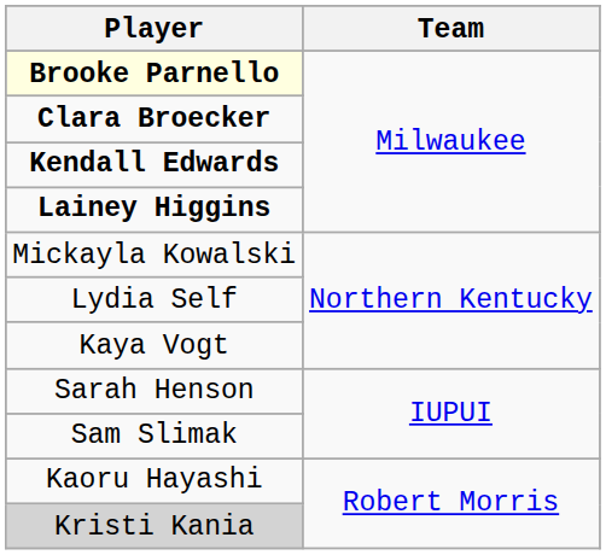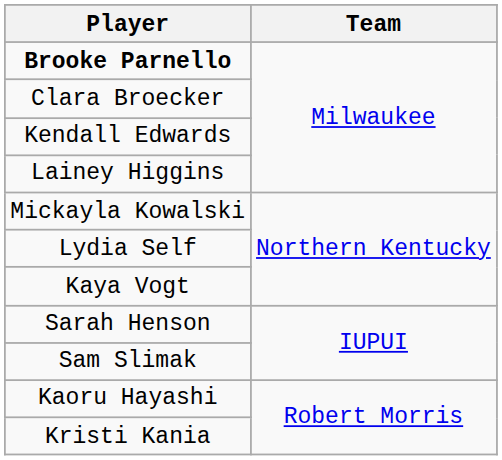 <table class="wikitable" style="text-align: center;">
 <tr>
 <th>Player</th>
 <th>Team</th>
 </tr>
 <tr>
-<td style="background: lightyellow;"><strong>Brooke Parnello</strong></td>
+<td><strong>Brooke Parnello</strong></td>
 <td rowspan=4><a href='#'>Milwaukee</a></td>
 </tr>
 <tr>
-<td><strong>Clara Broecker</strong></td>
+<td>Clara Broecker</td>
 </tr>
 <tr>
-<td><strong>Kendall Edwards</strong></td>
+<td>Kendall Edwards</td>
 </tr>
 <tr>
-<td><strong>Lainey Higgins</strong></td>
+<td>Lainey Higgins</td>
 </tr>
 <tr>
 <td>Mickayla Kowalski</td>
 <td rowspan=3><a href='#'>Northern Kentucky</a></td>
 </tr>
 <tr>
 <td>Lydia Self</td>
 </tr>
 <tr>
 <td>Kaya Vogt</td>
 </tr>
 <tr>
 <td>Sarah Henson</td>
 <td rowspan=2><a href='#'>IUPUI</a></td>
 </tr>
 <tr>
 <td>Sam Slimak</td>
 </tr>
 <tr>
 <td>Kaoru Hayashi</td>
 <td rowspan=2><a href='#'>Robert Morris</a></td>
 </tr>
 <tr>
-<td style="background: lightgrey;">Kristi Kania</td>
+<td>Kristi Kania</td>
 </tr>
 </table>
